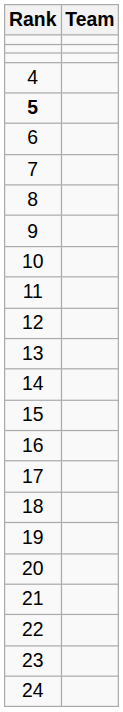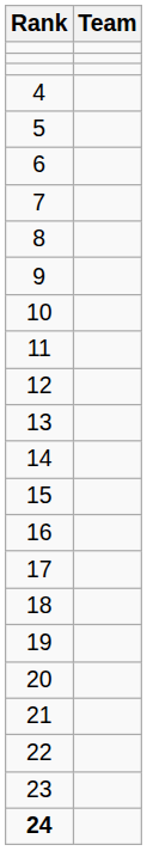 <table class=wikitable style="text-align:center;">
 <tr>
 <th>Rank</th>
 <th>Team</th>
 </tr>
 <tr>
 <td></td>
 <td align=left></td>
 </tr>
 <tr>
 <td></td>
 <td align=left></td>
 </tr>
 <tr>
 <td></td>
 <td align=left></td>
 </tr>
 <tr>
 <td>4</td>
 <td align=left></td>
 </tr>
 <tr>
-<td><strong>5</strong></td>
+<td>5</td>
 <td align=left></td>
 </tr>
 <tr>
 <td>6</td>
 <td align=left></td>
 </tr>
 <tr>
 <td>7</td>
 <td align=left></td>
 </tr>
 <tr>
 <td>8</td>
 <td align=left></td>
 </tr>
 <tr>
 <td>9</td>
 <td align=left></td>
 </tr>
 <tr>
 <td>10</td>
 <td align=left></td>
 </tr>
 <tr>
 <td>11</td>
 <td align=left></td>
 </tr>
 <tr>
 <td>12</td>
 <td align=left></td>
 </tr>
 <tr>
 <td>13</td>
 <td align=left></td>
 </tr>
 <tr>
 <td>14</td>
 <td align=left></td>
 </tr>
 <tr>
 <td>15</td>
 <td align=left></td>
 </tr>
 <tr>
 <td>16</td>
 <td align=left></td>
 </tr>
 <tr>
 <td>17</td>
 <td align=left></td>
 </tr>
 <tr>
 <td>18</td>
 <td align=left></td>
 </tr>
 <tr>
 <td>19</td>
 <td align=left></td>
 </tr>
 <tr>
 <td>20</td>
 <td align=left></td>
 </tr>
 <tr>
 <td>21</td>
 <td align=left></td>
 </tr>
 <tr>
 <td>22</td>
 <td align=left></td>
 </tr>
 <tr>
 <td>23</td>
 <td align=left></td>
 </tr>
 <tr>
-<td>24</td>
+<td><strong>24</strong></td>
 <td align=left></td>
 </tr>
 </table>
